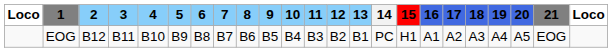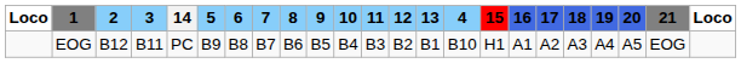 <table class="wikitable plainrowheaders unsortable" style="text-align:center">
 <tr>
 <th scope="col" rowspan="1" style="background:white;">Loco</th>
 <th scope="col" rowspan="1" style="background:grey;">1</th>
 <th scope="col" rowspan="1" style="background:lightskyblue;">2</th>
 <th scope="col" rowspan="1" style="background:lightskyblue;">3</th>
-<th scope="col" rowspan="1" style="background:lightskyblue;">4</th>
+<th rowspan="1" scope="col" style="background:neon;">14</th>
 <th scope="col" rowspan="1" style="background:lightskyblue;">5</th>
 <th scope="col" rowspan="1" style="background:lightskyblue;">6</th>
 <th scope="col" rowspan="1" style="background:lightskyblue;">7</th>
 <th scope="col" rowspan="1" style="background:lightskyblue;">8</th>
 <th scope="col" rowspan="1" style="background:lightskyblue;">9</th>
 <th scope="col" rowspan="1" style="background:lightskyblue;">10</th>
 <th scope="col" rowspan="1" style="background:lightskyblue;">11</th>
 <th scope="col" rowspan="1" style="background:lightskyblue;">12</th>
 <th scope="col" rowspan="1" style="background:lightskyblue;">13</th>
-<th rowspan="1" scope="col" style="background:neon;">14</th>
+<th scope="col" rowspan="1" style="background:lightskyblue;">4</th>
 <th rowspan="1" scope="col" style="background:red;">15</th>
 <th rowspan="1" scope="col" style="background:royalblue;">16</th>
 <th rowspan="1" scope="col" style="background:royalblue;">17</th>
 <th rowspan="1" scope="col" style="background:royalblue;">18</th>
 <th rowspan="1" scope="col" style="background:royalblue;">19</th>
 <th rowspan="1" scope="col" style="background:royalblue;">20</th>
 <th rowspan="1" scope="col" style="background:grey;">21</th>
 <th rowspan="1" scope="col" style="background:white;">Loco</th>
 </tr>
 <tr>
 <td></td>
 <td>EOG</td>
 <td>B12</td>
 <td>B11</td>
-<td>B10</td>
+<td>PC</td>
 <td>B9</td>
 <td>B8</td>
 <td>B7</td>
 <td>B6</td>
 <td>B5</td>
 <td>B4</td>
 <td>B3</td>
 <td>B2</td>
 <td>B1</td>
-<td>PC</td>
+<td>B10</td>
 <td>H1</td>
 <td>A1</td>
 <td>A2</td>
 <td>A3</td>
 <td>A4</td>
 <td>A5</td>
 <td>EOG</td>
 <td></td>
 </tr>
 </table>
